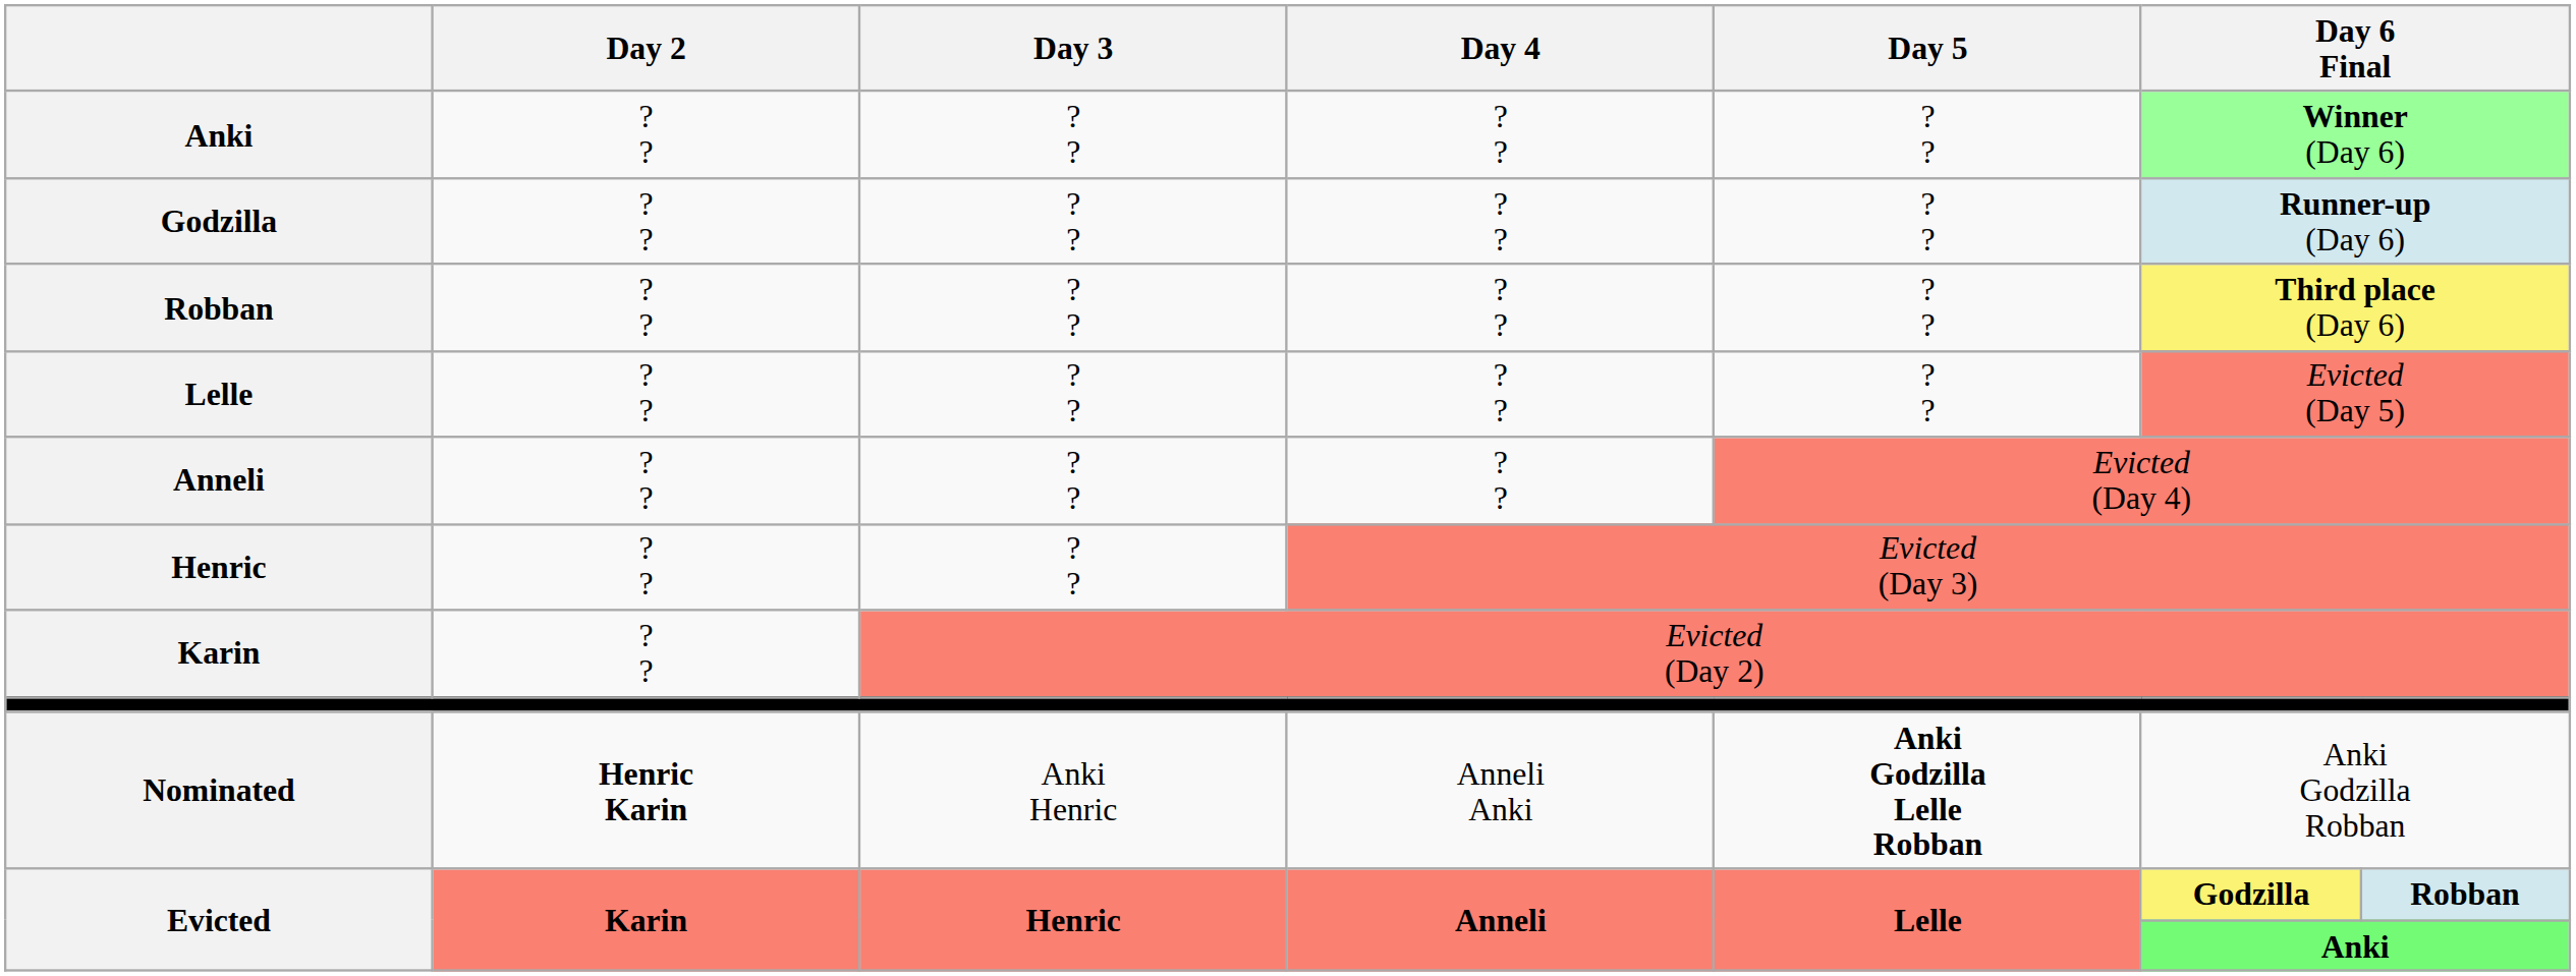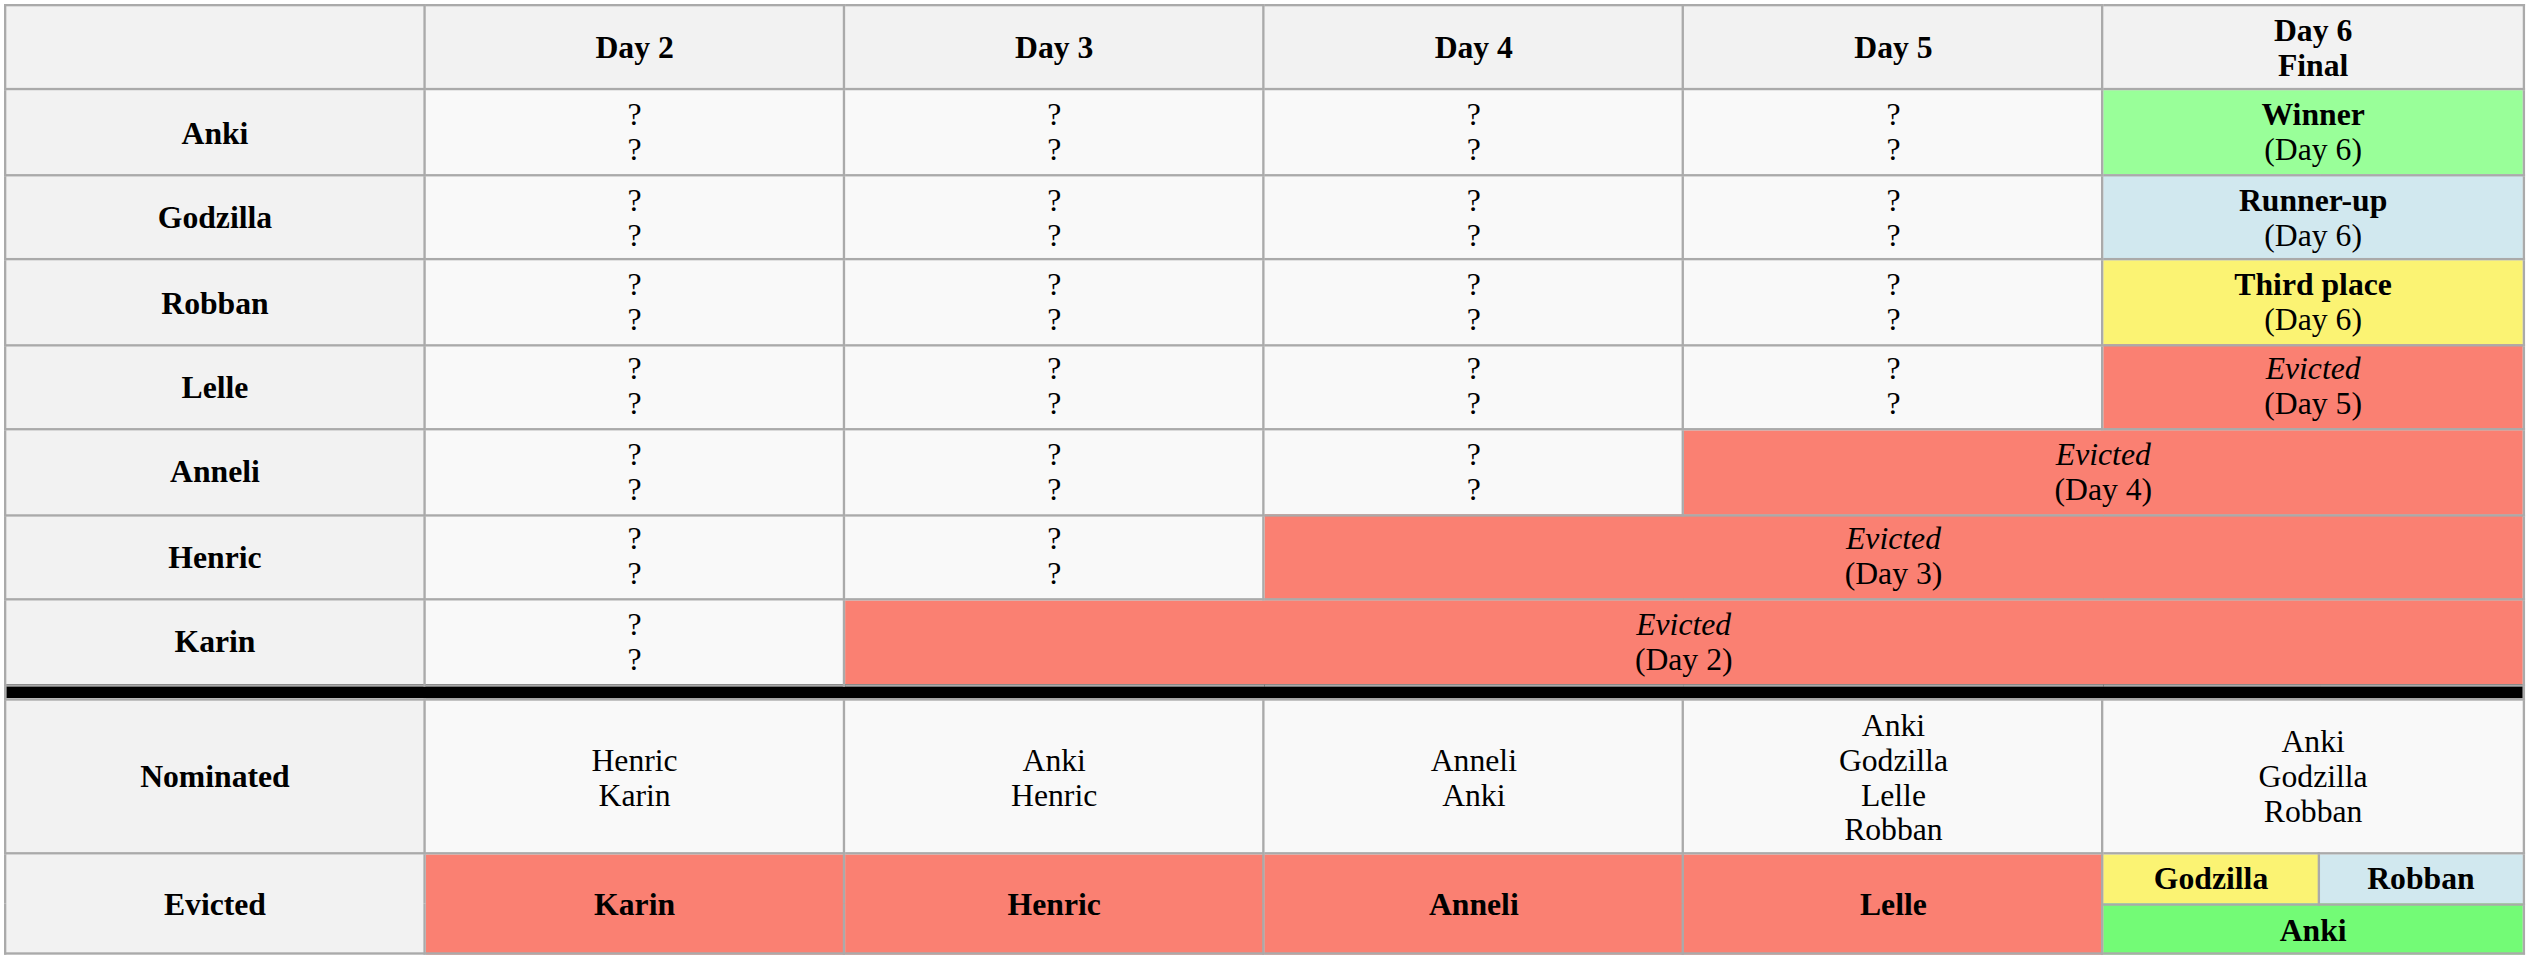 <table class="wikitable" style="text-align:center; font-size:85%;line-height:15px;">
 <tr>
 <th style="width: 10%;"></th>
 <th style="width: 10%;">Day 2</th>
 <th style="width: 10%;">Day 3</th>
 <th style="width: 10%;">Day 4</th>
 <th style="width: 10%;">Day 5</th>
 <th colspan="2"  style="width: 10%;">Day 6<br>Final</th>
 </tr>
 <tr>
 <th>Anki</th>
 <td>?<br>?</td>
 <td>?<br>?</td>
 <td>?<br>?</td>
 <td>?<br>?</td>
 <td colspan="2" style="background:#99FF99;"><strong>Winner</strong><br>(Day 6)</td>
 </tr>
 <tr>
 <th>Godzilla</th>
 <td>?<br>?</td>
 <td>?<br>?</td>
 <td>?<br>?</td>
 <td>?<br>?</td>
 <td colspan="2" style="background:#D1E8EF;"><strong>Runner-up</strong><br>(Day 6)</td>
 </tr>
 <tr>
 <th>Robban</th>
 <td>?<br>?</td>
 <td>?<br>?</td>
 <td>?<br>?</td>
 <td>?<br>?</td>
 <td colspan="2" style="background:#FBF373;"><strong>Third place</strong><br>(Day 6)</td>
 </tr>
 <tr>
 <th>Lelle</th>
 <td>?<br>?</td>
 <td>?<br>?</td>
 <td>?<br>?</td>
 <td>?<br>?</td>
 <td colspan="2" style="background:#fa8072;"><em>Evicted</em><br>(Day 5)</td>
 </tr>
 <tr>
 <th>Anneli</th>
 <td>?<br>?</td>
 <td>?<br>?</td>
 <td>?<br>?</td>
 <td colspan="3" style="background:#fa8072;"><em>Evicted</em><br>(Day 4)</td>
 </tr>
 <tr>
 <th>Henric</th>
 <td>?<br>?</td>
 <td>?<br>?</td>
 <td colspan="4" style="background:#fa8072;"><em>Evicted</em><br>(Day 3)</td>
 </tr>
 <tr>
 <th>Karin</th>
 <td>?<br>?</td>
 <td colspan="5" style="background:#fa8072;"><em>Evicted</em><br>(Day 2)</td>
 </tr>
 <tr>
 <th colspan="7" style="background:#000;"></th>
 </tr>
 <tr>
 <th>Nominated</th>
-<td><strong>Henric<br>Karin</strong></td>
+<td>Henric<br>Karin</td>
 <td>Anki<br>Henric</td>
 <td>Anneli<br>Anki</td>
-<td><strong>Anki<br>Godzilla<br>Lelle<br>Robban</strong></td>
+<td>Anki<br>Godzilla<br>Lelle<br>Robban</td>
 <td colspan="2">Anki<br>Godzilla<br>Robban</td>
 </tr>
 <tr>
 <th rowspan="2">Evicted</th>
 <td rowspan="2" style="background:#fa8072;"><strong>Karin</strong></td>
 <td rowspan="2" style="background:#fa8072;"><strong>Henric</strong></td>
 <td rowspan="2" style="background:#fa8072;"><strong>Anneli</strong></td>
 <td rowspan="2"style="background:#fa8072;"><strong>Lelle</strong></td>
 <td style="background:#FBF373;"><strong>Godzilla</strong></td>
 <td style="background:#D1E8EF"><strong>Robban</strong></td>
 </tr>
 <tr>
 <td colspan="2" style="background:#73FB76"><strong>Anki</strong></td>
 </tr>
 </table>
